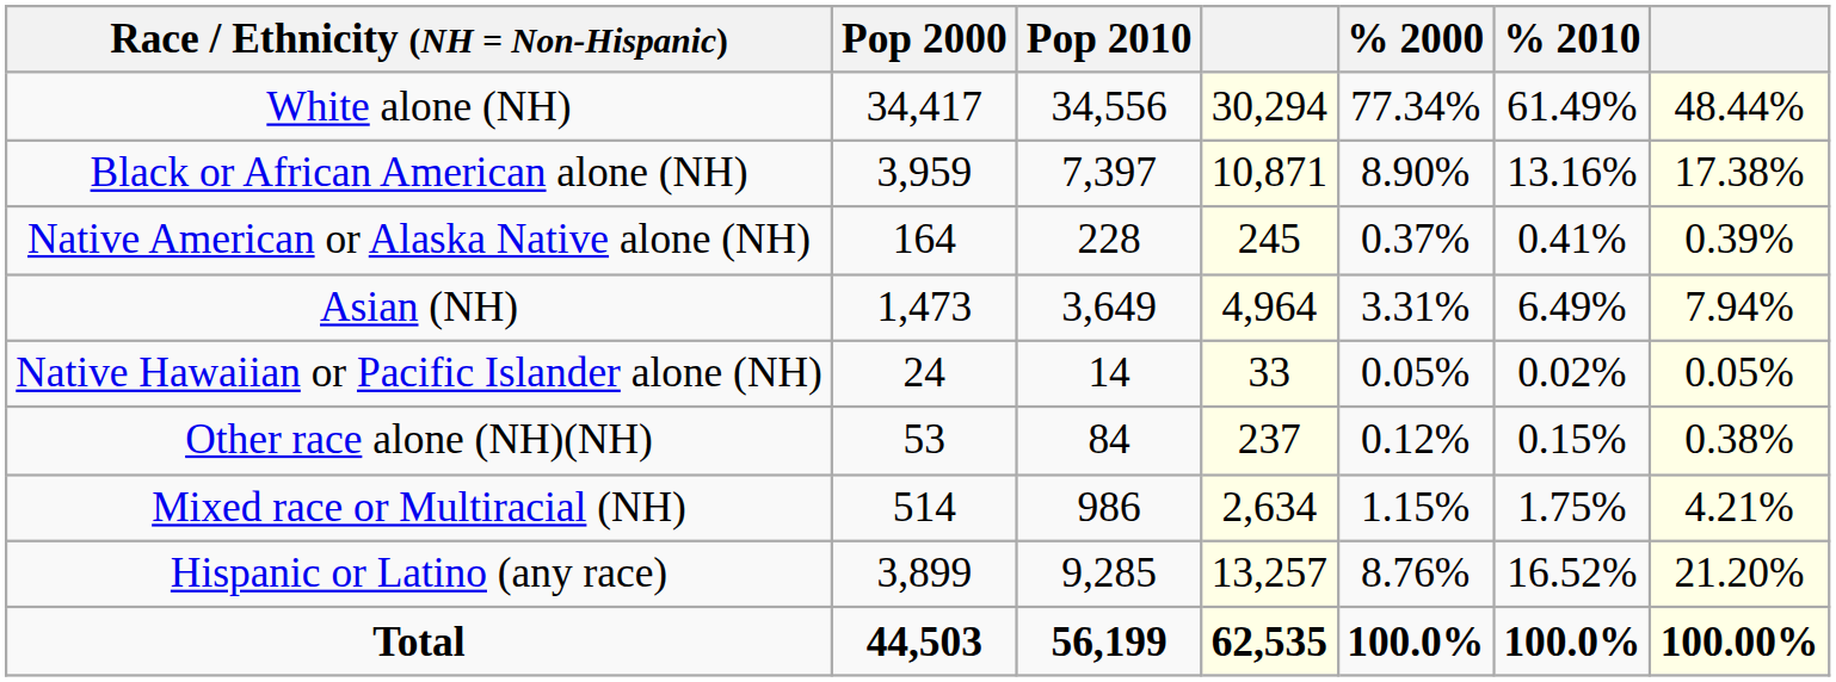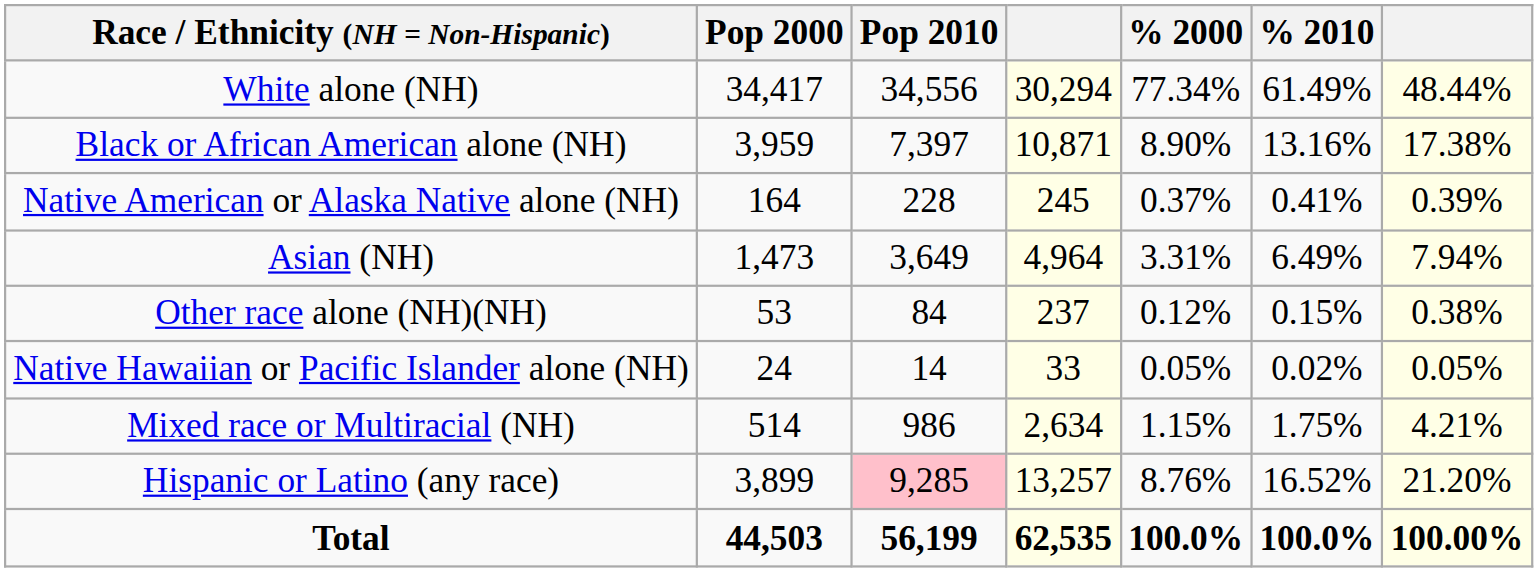 <table class="wikitable" style="text-align:center;">
 <tr>
 <th>Race / Ethnicity <small>(<em>NH = Non-Hispanic</em>)</small></th>
 <th>Pop 2000</th>
 <th>Pop 2010</th>
 <th></th>
 <th>% 2000</th>
 <th>% 2010</th>
 <th></th>
 </tr>
 <tr>
 <td><a href='#'>White</a> alone (NH)</td>
 <td>34,417</td>
 <td>34,556</td>
 <td style='background: #ffffe6;'>30,294</td>
 <td>77.34%</td>
 <td>61.49%</td>
 <td style='background: #ffffe6;'>48.44%</td>
 </tr>
 <tr>
 <td><a href='#'>Black or African American</a> alone (NH)</td>
 <td>3,959</td>
 <td>7,397</td>
 <td style='background: #ffffe6;'>10,871</td>
 <td>8.90%</td>
 <td>13.16%</td>
 <td style='background: #ffffe6;'>17.38%</td>
 </tr>
 <tr>
 <td><a href='#'>Native American</a> or <a href='#'>Alaska Native</a> alone (NH)</td>
 <td>164</td>
 <td>228</td>
 <td style='background: #ffffe6;'>245</td>
 <td>0.37%</td>
 <td>0.41%</td>
 <td style='background: #ffffe6;'>0.39%</td>
 </tr>
 <tr>
 <td><a href='#'>Asian</a> (NH)</td>
 <td>1,473</td>
 <td>3,649</td>
 <td style='background: #ffffe6;'>4,964</td>
 <td>3.31%</td>
 <td>6.49%</td>
 <td style='background: #ffffe6;'>7.94%</td>
 </tr>
 <tr>
+<td><a href='#'>Other race</a> alone (NH)(NH)</td>
+<td>53</td>
+<td>84</td>
+<td style='background: #ffffe6;'>237</td>
+<td>0.12%</td>
+<td>0.15%</td>
+<td style='background: #ffffe6;'>0.38%</td>
+</tr>
+<tr>
 <td><a href='#'>Native Hawaiian</a> or <a href='#'>Pacific Islander</a> alone (NH)</td>
 <td>24</td>
 <td>14</td>
 <td style='background: #ffffe6;'>33</td>
 <td>0.05%</td>
 <td>0.02%</td>
 <td style='background: #ffffe6;'>0.05%</td>
-</tr>
-<tr>
-<td><a href='#'>Other race</a> alone (NH)(NH)</td>
-<td>53</td>
-<td>84</td>
-<td style='background: #ffffe6;'>237</td>
-<td>0.12%</td>
-<td>0.15%</td>
-<td style='background: #ffffe6;'>0.38%</td>
 </tr>
 <tr>
 <td><a href='#'>Mixed race or Multiracial</a> (NH)</td>
 <td>514</td>
 <td>986</td>
 <td style='background: #ffffe6;'>2,634</td>
 <td>1.15%</td>
 <td>1.75%</td>
 <td style='background: #ffffe6;'>4.21%</td>
 </tr>
 <tr>
 <td><a href='#'>Hispanic or Latino</a> (any race)</td>
 <td>3,899</td>
-<td>9,285</td>
+<td style="background: pink;">9,285</td>
 <td style='background: #ffffe6;'>13,257</td>
 <td>8.76%</td>
 <td>16.52%</td>
 <td style='background: #ffffe6;'>21.20%</td>
 </tr>
 <tr>
 <td><strong>Total</strong></td>
 <td><strong>44,503</strong></td>
 <td><strong>56,199</strong></td>
 <td style='background: #ffffe6;'><strong>62,535</strong></td>
 <td><strong>100.0%</strong></td>
 <td><strong>100.0%</strong></td>
 <td style='background: #ffffe6;'><strong>100.00%</strong></td>
 </tr>
 </table>
